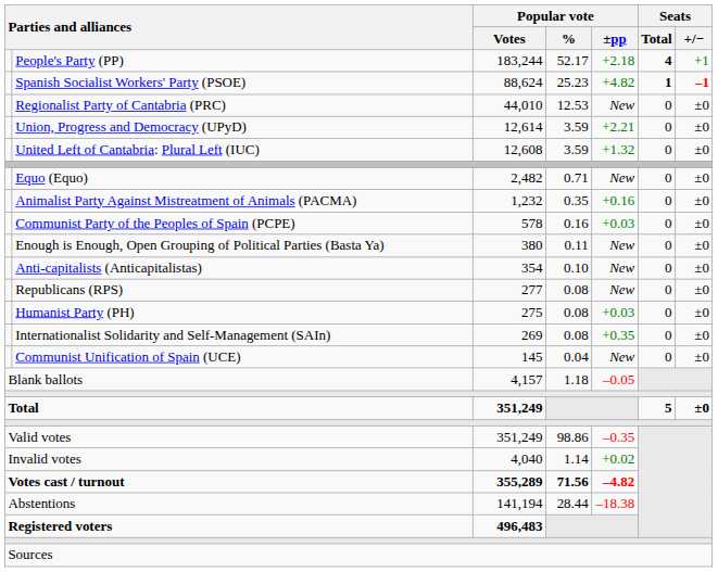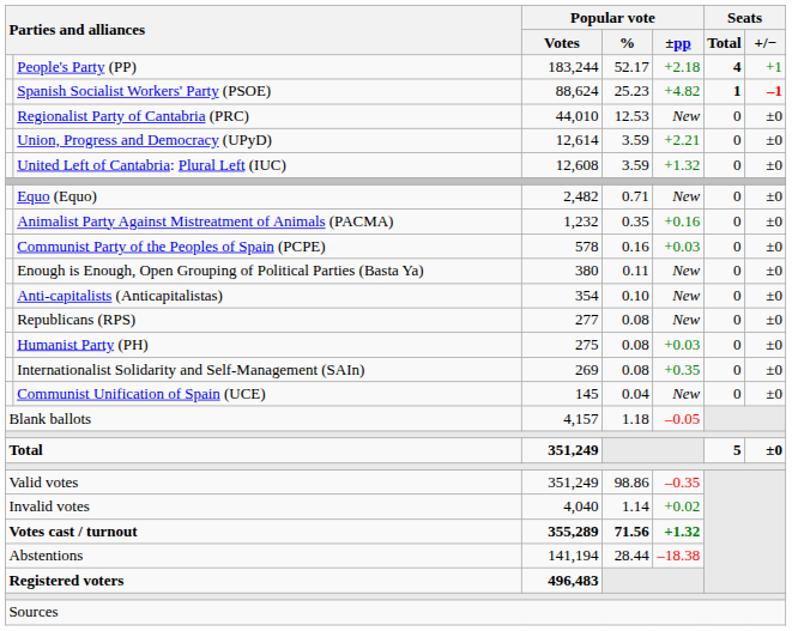 <table class="wikitable" style="text-align:right;">
 <tr>
 <th style="text-align:left;" rowspan="2" colspan="2" width="525">Parties and alliances</th>
 <th colspan="3">Popular vote</th>
 <th colspan="2">Seats</th>
 </tr>
 <tr>
 <th width="75">Votes</th>
 <th width="45">%</th>
 <th width="45">±<a href='#'>pp</a></th>
 <th width="35">Total</th>
 <th width="35">+/−</th>
 </tr>
 <tr>
 <td width="1" style="color:inherit;background:"></td>
 <td align="left"><a href='#'>People's Party</a> (PP)</td>
 <td>183,244</td>
 <td>52.17</td>
 <td style="color:green;">+2.18</td>
 <td><strong>4</strong></td>
 <td style="color:green;">+1</td>
 </tr>
 <tr>
 <td style="color:inherit;background:"></td>
 <td align="left"><a href='#'>Spanish Socialist Workers' Party</a> (PSOE)</td>
 <td>88,624</td>
 <td>25.23</td>
 <td style="color:green;">+4.82</td>
 <td><strong>1</strong></td>
 <td style="color:red;"><strong>–1</strong></td>
 </tr>
 <tr>
 <td style="color:inherit;background:"></td>
 <td align="left"><a href='#'>Regionalist Party of Cantabria</a> (PRC)</td>
 <td>44,010</td>
 <td>12.53</td>
 <td><em>New</em></td>
 <td>0</td>
 <td>±0</td>
 </tr>
 <tr>
 <td style="color:inherit;background:"></td>
 <td align="left"><a href='#'>Union, Progress and Democracy</a> (UPyD)</td>
 <td>12,614</td>
 <td>3.59</td>
 <td style="color:green;">+2.21</td>
 <td>0</td>
 <td>±0</td>
 </tr>
 <tr>
 <td style="color:inherit;background:"></td>
 <td align="left"><a href='#'>United Left of Cantabria</a>: <a href='#'>Plural Left</a> (IUC)</td>
 <td>12,608</td>
 <td>3.59</td>
 <td style="color:green;">+1.32</td>
 <td>0</td>
 <td>±0</td>
 </tr>
 <tr>
 <td colspan="7" bgcolor="#C0C0C0"></td>
 </tr>
 <tr>
 <td style="color:inherit;background:"></td>
 <td align="left"><a href='#'>Equo</a> (Equo)</td>
 <td>2,482</td>
 <td>0.71</td>
 <td><em>New</em></td>
 <td>0</td>
 <td>±0</td>
 </tr>
 <tr>
 <td style="color:inherit;background:"></td>
 <td align="left"><a href='#'>Animalist Party Against Mistreatment of Animals</a> (PACMA)</td>
 <td>1,232</td>
 <td>0.35</td>
 <td style="color:green;">+0.16</td>
 <td>0</td>
 <td>±0</td>
 </tr>
 <tr>
 <td style="color:inherit;background:"></td>
 <td align="left"><a href='#'>Communist Party of the Peoples of Spain</a> (PCPE)</td>
 <td>578</td>
 <td>0.16</td>
 <td style="color:green;">+0.03</td>
 <td>0</td>
 <td>±0</td>
 </tr>
 <tr>
 <td style="color:inherit;background:"></td>
 <td align="left">Enough is Enough, Open Grouping of Political Parties (Basta Ya)</td>
 <td>380</td>
 <td>0.11</td>
 <td><em>New</em></td>
 <td>0</td>
 <td>±0</td>
 </tr>
 <tr>
 <td style="color:inherit;background:"></td>
 <td align="left"><a href='#'>Anti-capitalists</a> (Anticapitalistas)</td>
 <td>354</td>
 <td>0.10</td>
 <td><em>New</em></td>
 <td>0</td>
 <td>±0</td>
 </tr>
 <tr>
 <td style="color:inherit;background:"></td>
 <td align="left">Republicans (RPS)</td>
 <td>277</td>
 <td>0.08</td>
 <td><em>New</em></td>
 <td>0</td>
 <td>±0</td>
 </tr>
 <tr>
 <td style="color:inherit;background:"></td>
 <td align="left"><a href='#'>Humanist Party</a> (PH)</td>
 <td>275</td>
 <td>0.08</td>
 <td style="color:green;">+0.03</td>
 <td>0</td>
 <td>±0</td>
 </tr>
 <tr>
 <td style="color:inherit;background:"></td>
 <td align="left">Internationalist Solidarity and Self-Management (SAIn)</td>
 <td>269</td>
 <td>0.08</td>
 <td style="color:green;">+0.35</td>
 <td>0</td>
 <td>±0</td>
 </tr>
 <tr>
 <td style="color:inherit;background:"></td>
 <td align="left"><a href='#'>Communist Unification of Spain</a> (UCE)</td>
 <td>145</td>
 <td>0.04</td>
 <td><em>New</em></td>
 <td>0</td>
 <td>±0</td>
 </tr>
 <tr>
 <td align="left" colspan="2">Blank ballots</td>
 <td>4,157</td>
 <td>1.18</td>
 <td style="color:red;">–0.05</td>
 <td bgcolor="#E9E9E9" colspan="2"></td>
 </tr>
 <tr>
 <td colspan="7" bgcolor="#E9E9E9"></td>
 </tr>
 <tr style="font-weight:bold;">
 <td align="left" colspan="2">Total</td>
 <td>351,249</td>
 <td bgcolor="#E9E9E9" colspan="2"></td>
 <td>5</td>
 <td>±0</td>
 </tr>
 <tr>
 <td colspan="7" bgcolor="#E9E9E9"></td>
 </tr>
 <tr>
 <td align="left" colspan="2">Valid votes</td>
 <td>351,249</td>
 <td>98.86</td>
 <td style="color:red;">–0.35</td>
 <td bgcolor="#E9E9E9" colspan="2" rowspan="5"></td>
 </tr>
 <tr>
 <td align="left" colspan="2">Invalid votes</td>
 <td>4,040</td>
 <td>1.14</td>
 <td style="color:green;">+0.02</td>
 </tr>
 <tr style="font-weight:bold;">
 <td align="left" colspan="2">Votes cast / turnout</td>
 <td>355,289</td>
 <td>71.56</td>
-<td style="color:red;">–4.82</td>
+<td style="color:green;">+1.32</td>
 </tr>
 <tr>
 <td align="left" colspan="2">Abstentions</td>
 <td>141,194</td>
 <td>28.44</td>
 <td style="color:red;">–18.38</td>
 </tr>
 <tr style="font-weight:bold;">
 <td align="left" colspan="2">Registered voters</td>
 <td>496,483</td>
 <td bgcolor="#E9E9E9" colspan="2"></td>
 </tr>
 <tr>
 <td colspan="7" bgcolor="#E9E9E9"></td>
 </tr>
 <tr>
 <td align="left" colspan="7">Sources</td>
 </tr>
 </table>
